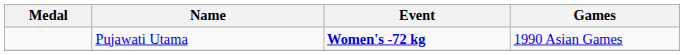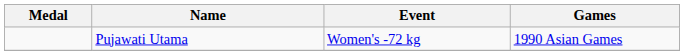 <table class="wikitable sortable" style="font-size:100%">
 <tr>
 <th width="90">Medal</th>
 <th width="250">Name</th>
 <th width="200">Event</th>
 <th width="180">Games</th>
 </tr>
 <tr>
 <td></td>
 <td><a href='#'>Pujawati Utama</a></td>
-<td><strong><a href='#'>Women's -72 kg</a></strong></td>
+<td><a href='#'>Women's -72 kg</a></td>
 <td><a href='#'>1990 Asian Games</a></td>
 </tr>
 <tr>
 </tr>
 </table>
